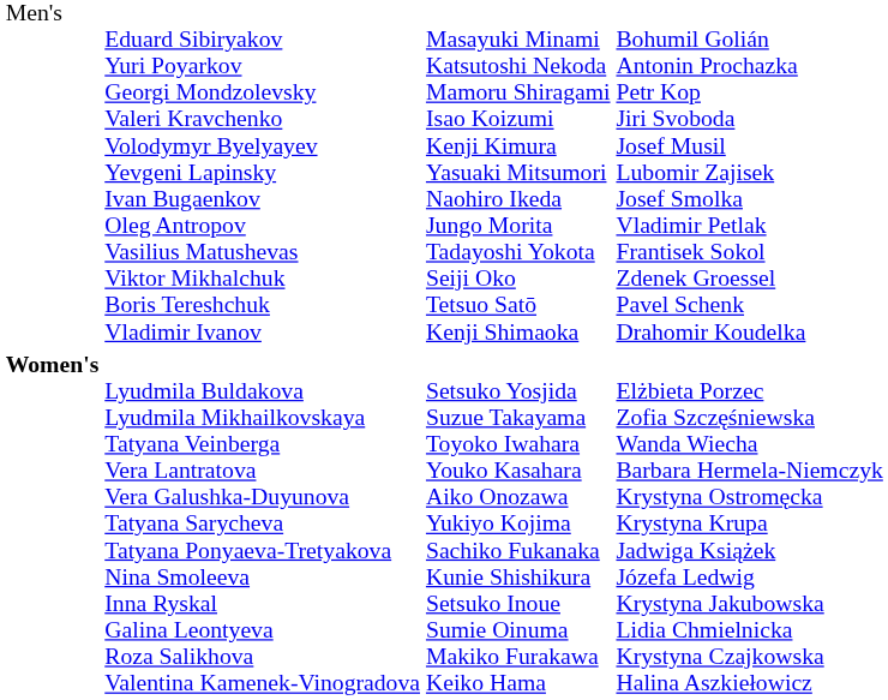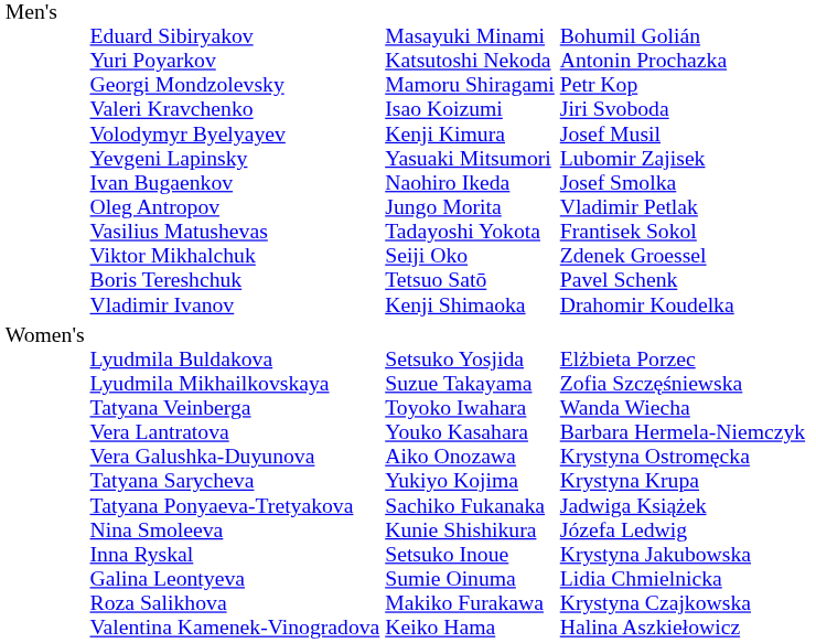 <table>
 <tr valign="top">
 <td>Men's<br></td>
 <td valign=top><br><a href='#'>Eduard Sibiryakov</a><br><a href='#'>Yuri Poyarkov</a><br><a href='#'>Georgi Mondzolevsky</a><br><a href='#'>Valeri Kravchenko</a><br><a href='#'>Volodymyr Byelyayev</a><br><a href='#'>Yevgeni Lapinsky</a><br><a href='#'>Ivan Bugaenkov</a><br><a href='#'>Oleg Antropov</a><br><a href='#'>Vasilius Matushevas</a><br><a href='#'>Viktor Mikhalchuk</a><br><a href='#'>Boris Tereshchuk</a><br><a href='#'>Vladimir Ivanov</a></td>
 <td valign=top><br><a href='#'>Masayuki Minami</a><br><a href='#'>Katsutoshi Nekoda</a><br><a href='#'>Mamoru Shiragami</a><br><a href='#'>Isao Koizumi</a><br><a href='#'>Kenji Kimura</a><br><a href='#'>Yasuaki Mitsumori</a><br><a href='#'>Naohiro Ikeda</a><br><a href='#'>Jungo Morita</a><br><a href='#'>Tadayoshi Yokota</a><br><a href='#'>Seiji Oko</a><br><a href='#'>Tetsuo Satō</a><br><a href='#'>Kenji Shimaoka</a></td>
 <td valign=top><br><a href='#'>Bohumil Golián</a><br><a href='#'>Antonin Prochazka</a><br><a href='#'>Petr Kop</a><br><a href='#'>Jiri Svoboda</a><br><a href='#'>Josef Musil</a><br><a href='#'>Lubomir Zajisek</a><br><a href='#'>Josef Smolka</a><br><a href='#'>Vladimir Petlak</a><br><a href='#'>Frantisek Sokol</a><br><a href='#'>Zdenek Groessel</a><br><a href='#'>Pavel Schenk</a><br><a href='#'>Drahomir Koudelka</a></td>
 </tr>
 <tr valign="top">
-<td><strong>Women's<br></strong></td>
+<td>Women's<br></td>
 <td valign=top><br><a href='#'>Lyudmila Buldakova</a><br><a href='#'>Lyudmila Mikhailkovskaya</a><br><a href='#'>Tatyana Veinberga</a><br><a href='#'>Vera Lantratova</a><br><a href='#'>Vera Galushka-Duyunova</a><br><a href='#'>Tatyana Sarycheva</a><br><a href='#'>Tatyana Ponyaeva-Tretyakova</a><br><a href='#'>Nina Smoleeva</a><br><a href='#'>Inna Ryskal</a><br><a href='#'>Galina Leontyeva</a><br><a href='#'>Roza Salikhova</a><br><a href='#'>Valentina Kamenek-Vinogradova</a></td>
 <td valign=top><br><a href='#'>Setsuko Yosjida</a><br><a href='#'>Suzue Takayama</a><br><a href='#'>Toyoko Iwahara</a><br><a href='#'>Youko Kasahara</a><br><a href='#'>Aiko Onozawa</a><br><a href='#'>Yukiyo Kojima</a><br><a href='#'>Sachiko Fukanaka</a><br><a href='#'>Kunie Shishikura</a><br><a href='#'>Setsuko Inoue</a><br><a href='#'>Sumie Oinuma</a><br><a href='#'>Makiko Furakawa</a><br><a href='#'>Keiko Hama</a></td>
 <td valign=top><br><a href='#'>Elżbieta Porzec</a><br><a href='#'>Zofia Szczęśniewska</a><br> <a href='#'>Wanda Wiecha</a><br><a href='#'>Barbara Hermela-Niemczyk</a><br><a href='#'>Krystyna Ostromęcka</a><br><a href='#'>Krystyna Krupa</a><br><a href='#'>Jadwiga Książek</a><br><a href='#'>Józefa Ledwig</a><br><a href='#'>Krystyna Jakubowska</a><br><a href='#'>Lidia Chmielnicka</a><br><a href='#'>Krystyna Czajkowska</a><br><a href='#'>Halina Aszkiełowicz</a></td>
 </tr>
 </table>
